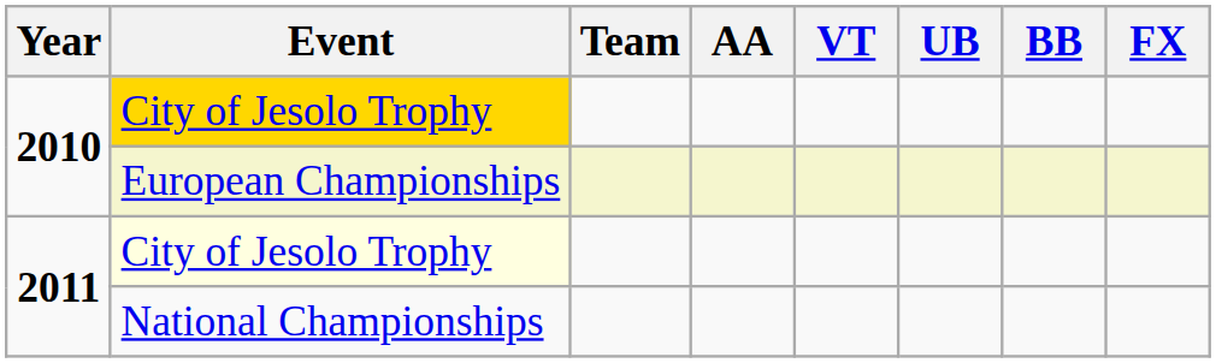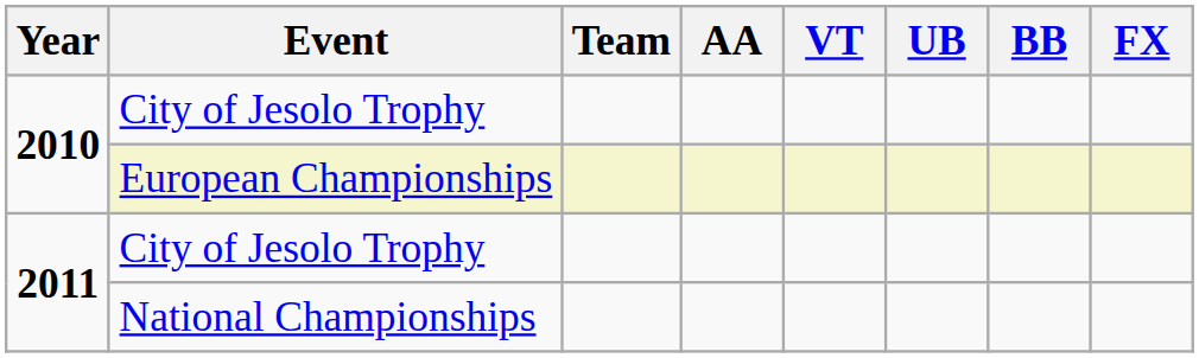 <table class="wikitable" style="text-align:center; font-size:95%;">
 <tr>
 <th align=center>Year</th>
 <th align=center>Event</th>
 <th style="width:30px;">Team</th>
 <th style="width:30px;">AA</th>
 <th style="width:30px;"><a href='#'>VT</a></th>
 <th style="width:30px;"><a href='#'>UB</a></th>
 <th style="width:30px;"><a href='#'>BB</a></th>
 <th style="width:30px;"><a href='#'>FX</a></th>
 </tr>
 <tr>
 <td rowspan="2"><strong>2010</strong></td>
-<td align=left style="background: gold;"><a href='#'>City of Jesolo Trophy</a></td>
+<td align=left><a href='#'>City of Jesolo Trophy</a></td>
 <td></td>
 <td></td>
 <td></td>
 <td></td>
 <td></td>
 <td></td>
 </tr>
 <tr bgcolor=#F5F6CE>
 <td align=left><a href='#'>European Championships</a></td>
 <td></td>
 <td></td>
 <td></td>
 <td></td>
 <td></td>
 <td></td>
 </tr>
 <tr>
 <td rowspan="2"><strong>2011</strong></td>
-<td align=left style="background: lightyellow;"><a href='#'>City of Jesolo Trophy</a></td>
+<td align=left><a href='#'>City of Jesolo Trophy</a></td>
 <td></td>
 <td></td>
 <td></td>
 <td></td>
 <td></td>
 <td></td>
 </tr>
 <tr>
 <td align=left><a href='#'>National Championships</a></td>
 <td></td>
 <td></td>
 <td></td>
 <td></td>
 <td></td>
 <td></td>
 </tr>
 </table>
